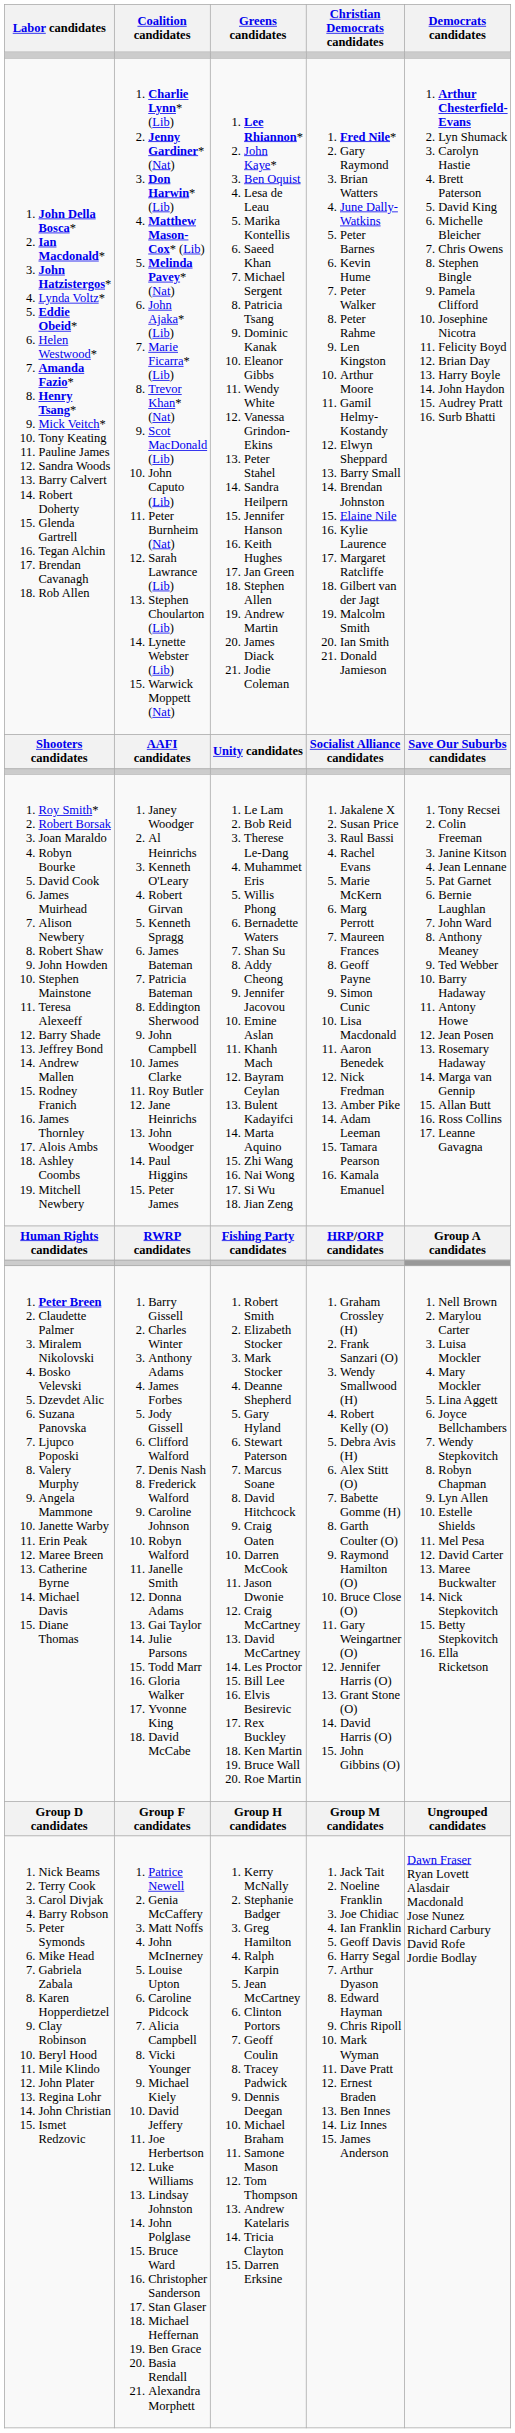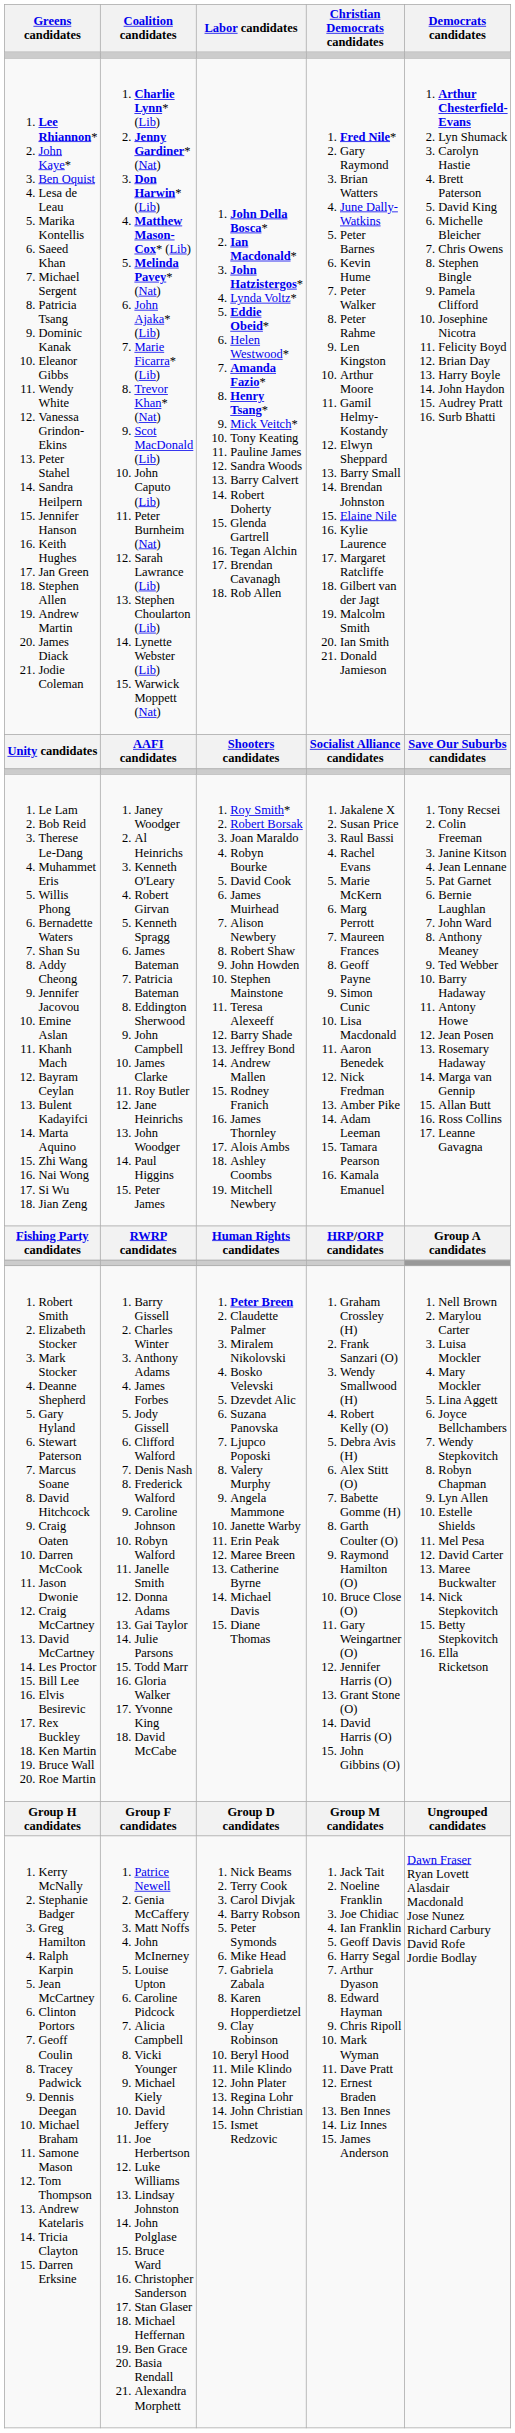 <table class="wikitable">
 <tr>
+<th><a href='#'>Greens</a> candidates</th>
+<th><a href='#'>Coalition</a> candidates</th>
 <th><a href='#'>Labor</a> candidates</th>
-<th><a href='#'>Coalition</a> candidates</th>
-<th><a href='#'>Greens</a> candidates</th>
 <th><a href='#'>Christian Democrats</a> candidates</th>
 <th><a href='#'>Democrats</a> candidates</th>
 </tr>
 <tr bgcolor="#cccccc">
 <td></td>
 <td></td>
 <td></td>
 <td></td>
 <td></td>
 </tr>
 <tr>
+<td><br><ol><li><strong><a href='#'>Lee Rhiannon</a></strong>*</li><li><a href='#'>John Kaye</a>*</li><li><a href='#'>Ben Oquist</a></li><li>Lesa de Leau</li><li>Marika Kontellis</li><li>Saeed Khan</li><li>Michael Sergent</li><li>Patricia Tsang</li><li>Dominic Kanak</li><li>Eleanor Gibbs</li><li>Wendy White</li><li>Vanessa Grindon-Ekins</li><li>Peter Stahel</li><li>Sandra Heilpern</li><li>Jennifer Hanson</li><li>Keith Hughes</li><li>Jan Green</li><li>Stephen Allen</li><li>Andrew Martin</li><li>James Diack</li><li>Jodie Coleman</li></ol></td>
+<td><br><ol><li><strong><a href='#'>Charlie Lynn</a></strong>* (<a href='#'>Lib</a>)</li><li><strong><a href='#'>Jenny Gardiner</a></strong>* (<a href='#'>Nat</a>)</li><li><strong><a href='#'>Don Harwin</a></strong>* (<a href='#'>Lib</a>)</li><li><strong><a href='#'>Matthew Mason-Cox</a></strong>* (<a href='#'>Lib</a>)</li><li><strong><a href='#'>Melinda Pavey</a></strong>* (<a href='#'>Nat</a>)</li><li><a href='#'>John Ajaka</a>* (<a href='#'>Lib</a>)</li><li><a href='#'>Marie Ficarra</a>* (<a href='#'>Lib</a>)</li><li><a href='#'>Trevor Khan</a>* (<a href='#'>Nat</a>)</li><li><a href='#'>Scot MacDonald</a> (<a href='#'>Lib</a>)</li><li>John Caputo (<a href='#'>Lib</a>)</li><li>Peter Burnheim (<a href='#'>Nat</a>)</li><li>Sarah Lawrance (<a href='#'>Lib</a>)</li><li>Stephen Choularton (<a href='#'>Lib</a>)</li><li>Lynette Webster (<a href='#'>Lib</a>)</li><li>Warwick Moppett (<a href='#'>Nat</a>)</li></ol></td>
 <td><br><ol><li><strong><a href='#'>John Della Bosca</a></strong>*</li><li><strong><a href='#'>Ian Macdonald</a></strong>*</li><li><strong><a href='#'>John Hatzistergos</a></strong>*</li><li><a href='#'>Lynda Voltz</a>*</li><li><strong><a href='#'>Eddie Obeid</a></strong>*</li><li><a href='#'>Helen Westwood</a>*</li><li><strong><a href='#'>Amanda Fazio</a></strong>*</li><li><strong><a href='#'>Henry Tsang</a></strong>*</li><li><a href='#'>Mick Veitch</a>*</li><li>Tony Keating</li><li>Pauline James</li><li>Sandra Woods</li><li>Barry Calvert</li><li>Robert Doherty</li><li>Glenda Gartrell</li><li>Tegan Alchin</li><li>Brendan Cavanagh</li><li>Rob Allen</li></ol></td>
-<td><br><ol><li><strong><a href='#'>Charlie Lynn</a></strong>* (<a href='#'>Lib</a>)</li><li><strong><a href='#'>Jenny Gardiner</a></strong>* (<a href='#'>Nat</a>)</li><li><strong><a href='#'>Don Harwin</a></strong>* (<a href='#'>Lib</a>)</li><li><strong><a href='#'>Matthew Mason-Cox</a></strong>* (<a href='#'>Lib</a>)</li><li><strong><a href='#'>Melinda Pavey</a></strong>* (<a href='#'>Nat</a>)</li><li><a href='#'>John Ajaka</a>* (<a href='#'>Lib</a>)</li><li><a href='#'>Marie Ficarra</a>* (<a href='#'>Lib</a>)</li><li><a href='#'>Trevor Khan</a>* (<a href='#'>Nat</a>)</li><li><a href='#'>Scot MacDonald</a> (<a href='#'>Lib</a>)</li><li>John Caputo (<a href='#'>Lib</a>)</li><li>Peter Burnheim (<a href='#'>Nat</a>)</li><li>Sarah Lawrance (<a href='#'>Lib</a>)</li><li>Stephen Choularton (<a href='#'>Lib</a>)</li><li>Lynette Webster (<a href='#'>Lib</a>)</li><li>Warwick Moppett (<a href='#'>Nat</a>)</li></ol></td>
-<td><br><ol><li><strong><a href='#'>Lee Rhiannon</a></strong>*</li><li><a href='#'>John Kaye</a>*</li><li><a href='#'>Ben Oquist</a></li><li>Lesa de Leau</li><li>Marika Kontellis</li><li>Saeed Khan</li><li>Michael Sergent</li><li>Patricia Tsang</li><li>Dominic Kanak</li><li>Eleanor Gibbs</li><li>Wendy White</li><li>Vanessa Grindon-Ekins</li><li>Peter Stahel</li><li>Sandra Heilpern</li><li>Jennifer Hanson</li><li>Keith Hughes</li><li>Jan Green</li><li>Stephen Allen</li><li>Andrew Martin</li><li>James Diack</li><li>Jodie Coleman</li></ol></td>
 <td><br><ol><li><strong><a href='#'>Fred Nile</a></strong>*</li><li>Gary Raymond</li><li>Brian Watters</li><li><a href='#'>June Dally-Watkins</a></li><li>Peter Barnes</li><li>Kevin Hume</li><li>Peter Walker</li><li>Peter Rahme</li><li>Len Kingston</li><li>Arthur Moore</li><li>Gamil Helmy-Kostandy</li><li>Elwyn Sheppard</li><li>Barry Small</li><li>Brendan Johnston</li><li><a href='#'>Elaine Nile</a></li><li>Kylie Laurence</li><li>Margaret Ratcliffe</li><li>Gilbert van der Jagt</li><li>Malcolm Smith</li><li>Ian Smith</li><li>Donald Jamieson</li></ol></td>
 <td valign=top><br><ol><li><strong><a href='#'>Arthur Chesterfield-Evans</a></strong></li><li>Lyn Shumack</li><li>Carolyn Hastie</li><li>Brett Paterson</li><li>David King</li><li>Michelle Bleicher</li><li>Chris Owens</li><li>Stephen Bingle</li><li>Pamela Clifford</li><li>Josephine Nicotra</li><li>Felicity Boyd</li><li>Brian Day</li><li>Harry Boyle</li><li>John Haydon</li><li>Audrey Pratt</li><li>Surb Bhatti</li></ol></td>
 </tr>
 <tr bgcolor="#cccccc">
+<th><a href='#'>Unity</a> candidates</th>
+<th><a href='#'>AAFI</a> candidates</th>
 <th><a href='#'>Shooters</a> candidates</th>
-<th><a href='#'>AAFI</a> candidates</th>
-<th><a href='#'>Unity</a> candidates</th>
 <th><a href='#'>Socialist Alliance</a> candidates</th>
 <th><a href='#'>Save Our Suburbs</a> candidates</th>
 </tr>
 <tr bgcolor="#cccccc">
 <td></td>
 <td></td>
 <td></td>
 <td></td>
 <td></td>
 </tr>
 <tr>
+<td valign=top><br><ol><li>Le Lam</li><li>Bob Reid</li><li>Therese Le-Dang</li><li>Muhammet Eris</li><li>Willis Phong</li><li>Bernadette Waters</li><li>Shan Su</li><li>Addy Cheong</li><li>Jennifer Jacovou</li><li>Emine Aslan</li><li>Khanh Mach</li><li>Bayram Ceylan</li><li>Bulent Kadayifci</li><li>Marta Aquino</li><li>Zhi Wang</li><li>Nai Wong</li><li>Si Wu</li><li>Jian Zeng</li></ol></td>
+<td valign=top><br><ol><li>Janey Woodger</li><li>Al Heinrichs</li><li>Kenneth O'Leary</li><li>Robert Girvan</li><li>Kenneth Spragg</li><li>James Bateman</li><li>Patricia Bateman</li><li>Eddington Sherwood</li><li>John Campbell</li><li>James Clarke</li><li>Roy Butler</li><li>Jane Heinrichs</li><li>John Woodger</li><li>Paul Higgins</li><li>Peter James</li></ol></td>
 <td><br><ol><li><a href='#'>Roy Smith</a>*</li><li><a href='#'>Robert Borsak</a></li><li>Joan Maraldo</li><li>Robyn Bourke</li><li>David Cook</li><li>James Muirhead</li><li>Alison Newbery</li><li>Robert Shaw</li><li>John Howden</li><li>Stephen Mainstone</li><li>Teresa Alexeeff</li><li>Barry Shade</li><li>Jeffrey Bond</li><li>Andrew Mallen</li><li>Rodney Franich</li><li>James Thornley</li><li>Alois Ambs</li><li>Ashley Coombs</li><li>Mitchell Newbery</li></ol></td>
-<td valign=top><br><ol><li>Janey Woodger</li><li>Al Heinrichs</li><li>Kenneth O'Leary</li><li>Robert Girvan</li><li>Kenneth Spragg</li><li>James Bateman</li><li>Patricia Bateman</li><li>Eddington Sherwood</li><li>John Campbell</li><li>James Clarke</li><li>Roy Butler</li><li>Jane Heinrichs</li><li>John Woodger</li><li>Paul Higgins</li><li>Peter James</li></ol></td>
-<td valign=top><br><ol><li>Le Lam</li><li>Bob Reid</li><li>Therese Le-Dang</li><li>Muhammet Eris</li><li>Willis Phong</li><li>Bernadette Waters</li><li>Shan Su</li><li>Addy Cheong</li><li>Jennifer Jacovou</li><li>Emine Aslan</li><li>Khanh Mach</li><li>Bayram Ceylan</li><li>Bulent Kadayifci</li><li>Marta Aquino</li><li>Zhi Wang</li><li>Nai Wong</li><li>Si Wu</li><li>Jian Zeng</li></ol></td>
 <td valign=top><br><ol><li>Jakalene X</li><li>Susan Price</li><li>Raul Bassi</li><li>Rachel Evans</li><li>Marie McKern</li><li>Marg Perrott</li><li>Maureen Frances</li><li>Geoff Payne</li><li>Simon Cunic</li><li>Lisa Macdonald</li><li>Aaron Benedek</li><li>Nick Fredman</li><li>Amber Pike</li><li>Adam Leeman</li><li>Tamara Pearson</li><li>Kamala Emanuel</li></ol></td>
 <td valign=top><br><ol><li>Tony Recsei</li><li>Colin Freeman</li><li>Janine Kitson</li><li>Jean Lennane</li><li>Pat Garnet</li><li>Bernie Laughlan</li><li>John Ward</li><li>Anthony Meaney</li><li>Ted Webber</li><li>Barry Hadaway</li><li>Antony Howe</li><li>Jean Posen</li><li>Rosemary Hadaway</li><li>Marga van Gennip</li><li>Allan Butt</li><li>Ross Collins</li><li>Leanne Gavagna</li></ol></td>
 </tr>
 <tr bgcolor="#cccccc">
+<th><a href='#'>Fishing Party</a> candidates</th>
+<th><a href='#'>RWRP</a> candidates</th>
 <th><a href='#'>Human Rights</a> candidates</th>
-<th><a href='#'>RWRP</a> candidates</th>
-<th><a href='#'>Fishing Party</a> candidates</th>
 <th><a href='#'>HRP</a>/<a href='#'>ORP</a> candidates</th>
 <th>Group A candidates</th>
 </tr>
 <tr bgcolor="#cccccc">
 <td></td>
 <td></td>
 <td></td>
 <td></td>
 <td bgcolor="#999999"></td>
 </tr>
 <tr>
+<td valign=top><br><ol><li>Robert Smith</li><li>Elizabeth Stocker</li><li>Mark Stocker</li><li>Deanne Shepherd</li><li>Gary Hyland</li><li>Stewart Paterson</li><li>Marcus Soane</li><li>David Hitchcock</li><li>Craig Oaten</li><li>Darren McCook</li><li>Jason Dwonie</li><li>Craig McCartney</li><li>David McCartney</li><li>Les Proctor</li><li>Bill Lee</li><li>Elvis Besirevic</li><li>Rex Buckley</li><li>Ken Martin</li><li>Bruce Wall</li><li>Roe Martin</li></ol></td>
+<td valign=top><br><ol><li>Barry Gissell</li><li>Charles Winter</li><li>Anthony Adams</li><li>James Forbes</li><li>Jody Gissell</li><li>Clifford Walford</li><li>Denis Nash</li><li>Frederick Walford</li><li>Caroline Johnson</li><li>Robyn Walford</li><li>Janelle Smith</li><li>Donna Adams</li><li>Gai Taylor</li><li>Julie Parsons</li><li>Todd Marr</li><li>Gloria Walker</li><li>Yvonne King</li><li>David McCabe</li></ol></td>
 <td valign=top><br><ol><li><strong><a href='#'>Peter Breen</a></strong></li><li>Claudette Palmer</li><li>Miralem Nikolovski</li><li>Bosko Velevski</li><li>Dzevdet Alic</li><li>Suzana Panovska</li><li>Ljupco Poposki</li><li>Valery Murphy</li><li>Angela Mammone</li><li>Janette Warby</li><li>Erin Peak</li><li>Maree Breen</li><li>Catherine Byrne</li><li>Michael Davis</li><li>Diane Thomas</li></ol></td>
-<td valign=top><br><ol><li>Barry Gissell</li><li>Charles Winter</li><li>Anthony Adams</li><li>James Forbes</li><li>Jody Gissell</li><li>Clifford Walford</li><li>Denis Nash</li><li>Frederick Walford</li><li>Caroline Johnson</li><li>Robyn Walford</li><li>Janelle Smith</li><li>Donna Adams</li><li>Gai Taylor</li><li>Julie Parsons</li><li>Todd Marr</li><li>Gloria Walker</li><li>Yvonne King</li><li>David McCabe</li></ol></td>
-<td valign=top><br><ol><li>Robert Smith</li><li>Elizabeth Stocker</li><li>Mark Stocker</li><li>Deanne Shepherd</li><li>Gary Hyland</li><li>Stewart Paterson</li><li>Marcus Soane</li><li>David Hitchcock</li><li>Craig Oaten</li><li>Darren McCook</li><li>Jason Dwonie</li><li>Craig McCartney</li><li>David McCartney</li><li>Les Proctor</li><li>Bill Lee</li><li>Elvis Besirevic</li><li>Rex Buckley</li><li>Ken Martin</li><li>Bruce Wall</li><li>Roe Martin</li></ol></td>
 <td valign=top><br><ol><li>Graham Crossley (H)</li><li>Frank Sanzari (O)</li><li>Wendy Smallwood (H)</li><li>Robert Kelly (O)</li><li>Debra Avis (H)</li><li>Alex Stitt (O)</li><li>Babette Gomme (H)</li><li>Garth Coulter (O)</li><li>Raymond Hamilton (O)</li><li>Bruce Close (O)</li><li>Gary Weingartner (O)</li><li>Jennifer Harris (O)</li><li>Grant Stone (O)</li><li>David Harris (O)</li><li>John Gibbins (O)</li></ol></td>
 <td valign=top><br><ol><li>Nell Brown</li><li>Marylou Carter</li><li>Luisa Mockler</li><li>Mary Mockler</li><li>Lina Aggett</li><li>Joyce Bellchambers</li><li>Wendy Stepkovitch</li><li>Robyn Chapman</li><li>Lyn Allen</li><li>Estelle Shields</li><li>Mel Pesa</li><li>David Carter</li><li>Maree Buckwalter</li><li>Nick Stepkovitch</li><li>Betty Stepkovitch</li><li>Ella Ricketson</li></ol></td>
 </tr>
 <tr bgcolor="#cccccc">
+<th>Group H candidates</th>
+<th>Group F candidates</th>
 <th>Group D candidates</th>
-<th>Group F candidates</th>
-<th>Group H candidates</th>
 <th>Group M candidates</th>
 <th>Ungrouped candidates</th>
 </tr>
 <tr>
+<td valign=top><br><ol><li>Kerry McNally</li><li>Stephanie Badger</li><li>Greg Hamilton</li><li>Ralph Karpin</li><li>Jean McCartney</li><li>Clinton Portors</li><li>Geoff Coulin</li><li>Tracey Padwick</li><li>Dennis Deegan</li><li>Michael Braham</li><li>Samone Mason</li><li>Tom Thompson</li><li>Andrew Katelaris</li><li>Tricia Clayton</li><li>Darren Erksine</li></ol></td>
+<td valign=top><br><ol><li><a href='#'>Patrice Newell</a></li><li>Genia McCaffery</li><li>Matt Noffs</li><li>John McInerney</li><li>Louise Upton</li><li>Caroline Pidcock</li><li>Alicia Campbell</li><li>Vicki Younger</li><li>Michael Kiely</li><li>David Jeffery</li><li>Joe Herbertson</li><li>Luke Williams</li><li>Lindsay Johnston</li><li>John Polglase</li><li>Bruce Ward</li><li>Christopher Sanderson</li><li>Stan Glaser</li><li>Michael Heffernan</li><li>Ben Grace</li><li>Basia Rendall</li><li>Alexandra Morphett</li></ol></td>
 <td valign=top><br><ol><li>Nick Beams</li><li>Terry Cook</li><li>Carol Divjak</li><li>Barry Robson</li><li>Peter Symonds</li><li>Mike Head</li><li>Gabriela Zabala</li><li>Karen Hopperdietzel</li><li>Clay Robinson</li><li>Beryl Hood</li><li>Mile Klindo</li><li>John Plater</li><li>Regina Lohr</li><li>John Christian</li><li>Ismet Redzovic</li></ol></td>
-<td valign=top><br><ol><li><a href='#'>Patrice Newell</a></li><li>Genia McCaffery</li><li>Matt Noffs</li><li>John McInerney</li><li>Louise Upton</li><li>Caroline Pidcock</li><li>Alicia Campbell</li><li>Vicki Younger</li><li>Michael Kiely</li><li>David Jeffery</li><li>Joe Herbertson</li><li>Luke Williams</li><li>Lindsay Johnston</li><li>John Polglase</li><li>Bruce Ward</li><li>Christopher Sanderson</li><li>Stan Glaser</li><li>Michael Heffernan</li><li>Ben Grace</li><li>Basia Rendall</li><li>Alexandra Morphett</li></ol></td>
-<td valign=top><br><ol><li>Kerry McNally</li><li>Stephanie Badger</li><li>Greg Hamilton</li><li>Ralph Karpin</li><li>Jean McCartney</li><li>Clinton Portors</li><li>Geoff Coulin</li><li>Tracey Padwick</li><li>Dennis Deegan</li><li>Michael Braham</li><li>Samone Mason</li><li>Tom Thompson</li><li>Andrew Katelaris</li><li>Tricia Clayton</li><li>Darren Erksine</li></ol></td>
 <td valign=top><br><ol><li>Jack Tait</li><li>Noeline Franklin</li><li>Joe Chidiac</li><li>Ian Franklin</li><li>Geoff Davis</li><li>Harry Segal</li><li>Arthur Dyason</li><li>Edward Hayman</li><li>Chris Ripoll</li><li>Mark Wyman</li><li>Dave Pratt</li><li>Ernest Braden</li><li>Ben Innes</li><li>Liz Innes</li><li>James Anderson</li></ol></td>
 <td valign=top><br><a href='#'>Dawn Fraser</a><br> Ryan Lovett<br> Alasdair Macdonald<br> Jose Nunez<br> Richard Carbury<br> David Rofe<br> Jordie Bodlay</td>
 </tr>
 </table>
